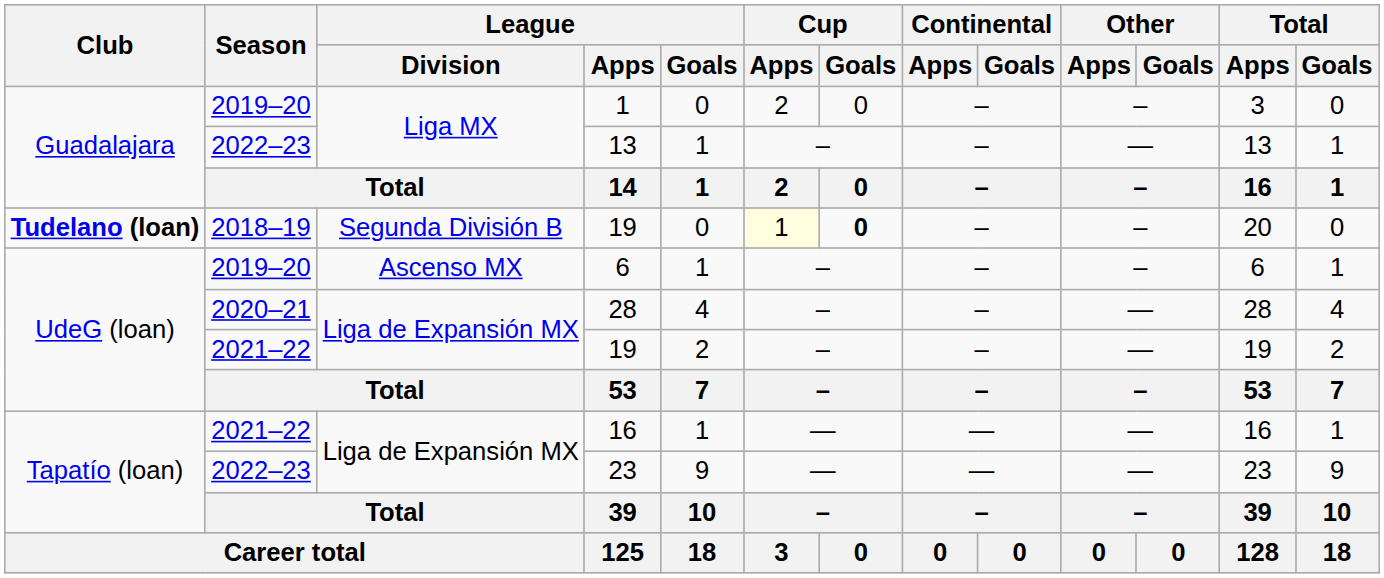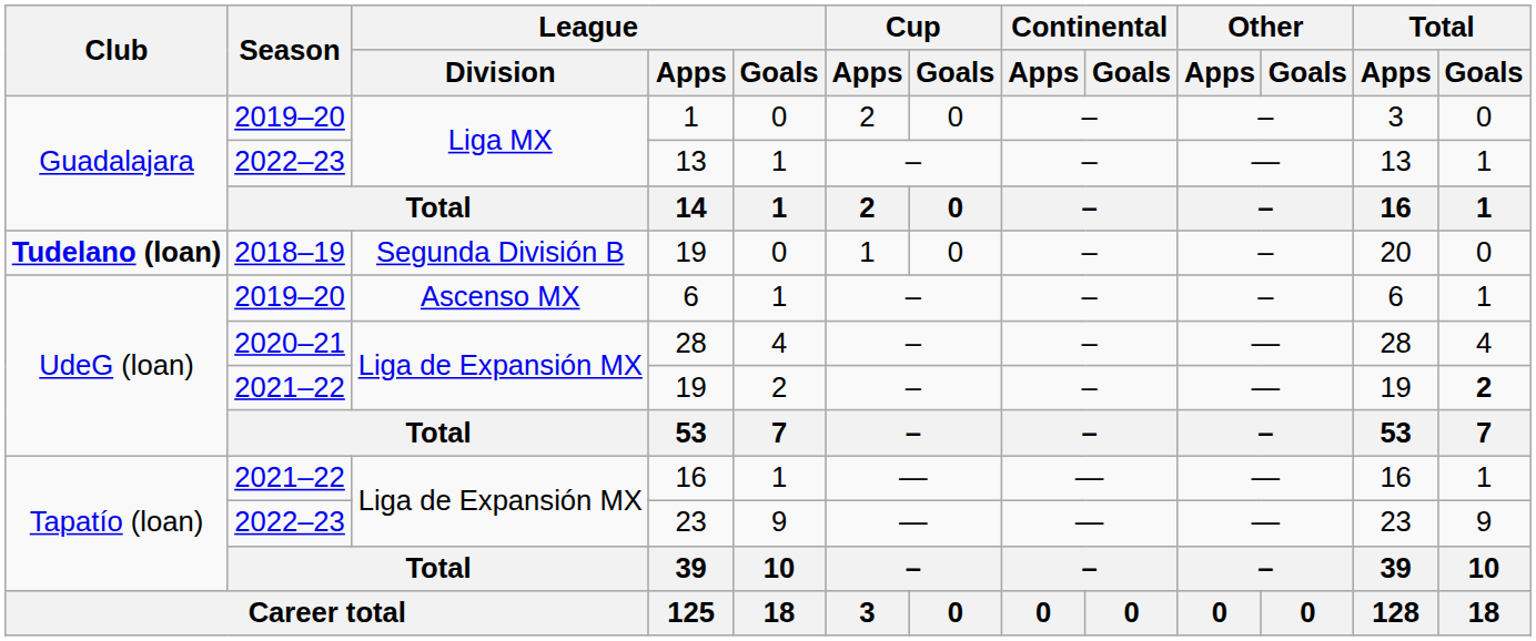 <table class="wikitable" style="text-align: center">
 <tr>
 <th rowspan="2">Club</th>
 <th rowspan="2">Season</th>
 <th colspan="3">League</th>
 <th colspan="2">Cup</th>
 <th colspan="2">Continental</th>
 <th colspan="2">Other</th>
 <th colspan="2">Total</th>
 </tr>
 <tr>
 <th>Division</th>
 <th>Apps</th>
 <th>Goals</th>
 <th>Apps</th>
 <th>Goals</th>
 <th>Apps</th>
 <th>Goals</th>
 <th>Apps</th>
 <th>Goals</th>
 <th>Apps</th>
 <th>Goals</th>
 </tr>
 <tr>
 <td rowspan="3"><a href='#'>Guadalajara</a></td>
 <td><a href='#'>2019–20</a></td>
 <td rowspan="2"><a href='#'>Liga MX</a></td>
 <td>1</td>
 <td>0</td>
 <td>2</td>
 <td>0</td>
 <td colspan="2">–</td>
 <td colspan="2">–</td>
 <td>3</td>
 <td>0</td>
 </tr>
 <tr>
 <td><a href='#'>2022–23</a></td>
 <td>13</td>
 <td>1</td>
 <td colspan="2">–</td>
 <td colspan="2">–</td>
 <td colspan="2">—</td>
 <td>13</td>
 <td>1</td>
 </tr>
 <tr>
 <th colspan="2">Total</th>
 <th>14</th>
 <th>1</th>
 <th>2</th>
 <th>0</th>
 <th colspan="2">–</th>
 <th colspan="2">–</th>
 <th>16</th>
 <th>1</th>
 </tr>
 <tr>
 <td><strong><a href='#'>Tudelano</a> (loan)</strong></td>
 <td><a href='#'>2018–19</a></td>
 <td><a href='#'>Segunda División B</a></td>
 <td>19</td>
 <td>0</td>
-<td style="background: lightyellow;">1</td>
-<td><strong>0</strong></td>
+<td>1</td>
+<td>0</td>
 <td colspan="2">–</td>
 <td colspan="2">–</td>
 <td>20</td>
 <td>0</td>
 </tr>
 <tr>
 <td rowspan="4"><a href='#'>UdeG</a> (loan)</td>
 <td><a href='#'>2019–20</a></td>
 <td><a href='#'>Ascenso MX</a></td>
 <td>6</td>
 <td>1</td>
 <td colspan="2">–</td>
 <td colspan="2">–</td>
 <td colspan="2">–</td>
 <td>6</td>
 <td>1</td>
 </tr>
 <tr>
 <td><a href='#'>2020–21</a></td>
 <td rowspan="2"><a href='#'>Liga de Expansión MX</a></td>
 <td>28</td>
 <td>4</td>
 <td colspan="2">–</td>
 <td colspan="2">–</td>
 <td colspan="2">—</td>
 <td>28</td>
 <td>4</td>
 </tr>
 <tr>
 <td><a href='#'>2021–22</a></td>
 <td>19</td>
 <td>2</td>
 <td colspan="2">–</td>
 <td colspan="2">–</td>
 <td colspan="2">—</td>
 <td>19</td>
-<td>2</td>
+<td><strong>2</strong></td>
 </tr>
 <tr>
 <th colspan="2">Total</th>
 <th>53</th>
 <th>7</th>
 <th colspan="2">–</th>
 <th colspan="2">–</th>
 <th colspan="2">–</th>
 <th>53</th>
 <th>7</th>
 </tr>
 <tr>
 <td rowspan="3"><a href='#'>Tapatío</a> (loan)</td>
 <td><a href='#'>2021–22</a></td>
 <td rowspan="2">Liga de Expansión MX</td>
 <td>16</td>
 <td>1</td>
 <td colspan=2>—</td>
 <td colspan=2>—</td>
 <td colspan=2>—</td>
 <td>16</td>
 <td>1</td>
 </tr>
 <tr>
 <td><a href='#'>2022–23</a></td>
 <td>23</td>
 <td>9</td>
 <td colspan=2>—</td>
 <td colspan=2>—</td>
 <td colspan=2>—</td>
 <td>23</td>
 <td>9</td>
 </tr>
 <tr>
 <th colspan="2">Total</th>
 <th>39</th>
 <th>10</th>
 <th colspan="2">–</th>
 <th colspan="2">–</th>
 <th colspan="2">–</th>
 <th>39</th>
 <th>10</th>
 </tr>
 <tr>
 <th colspan="3">Career total</th>
 <th>125</th>
 <th>18</th>
 <th>3</th>
 <th>0</th>
 <th>0</th>
 <th>0</th>
 <th>0</th>
 <th>0</th>
 <th>128</th>
 <th>18</th>
 </tr>
 </table>
